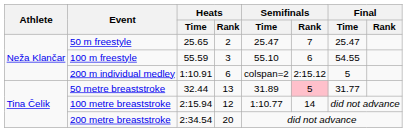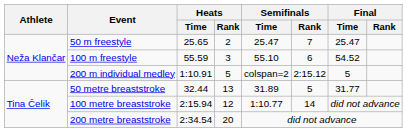 <table class=wikitable style="text-align:center;font-size:90%">
 <tr>
 <th rowspan=2>Athlete</th>
 <th rowspan=2>Event</th>
 <th colspan=2>Heats</th>
 <th colspan=2>Semifinals</th>
 <th colspan=2>Final</th>
 </tr>
 <tr style="font-size:95%">
 <th>Time</th>
 <th>Rank</th>
 <th>Time</th>
 <th>Rank</th>
 <th>Time</th>
 <th>Rank</th>
 </tr>
 <tr>
 <td rowspan=3 align=left><a href='#'>Neža Klančar</a></td>
 <td align=left><a href='#'>50 m freestyle</a></td>
 <td>25.65</td>
 <td>2</td>
 <td>25.47</td>
 <td>7</td>
 <td>25.47</td>
 <td></td>
 </tr>
 <tr>
 <td align=left><a href='#'>100 m freestyle</a></td>
 <td>55.59</td>
 <td>3</td>
 <td>55.10</td>
 <td>6</td>
-<td>54.55</td>
+<td>54.52</td>
 <td></td>
 </tr>
 <tr>
 <td align=left><a href='#'>200 m individual medley</a></td>
 <td>1:10.91</td>
-<td>6</td>
+<td>5</td>
 <td>colspan=2 </td>
 <td>2:15.12</td>
 <td>5</td>
 </tr>
 <tr>
 <td rowspan=3 align=left><a href='#'>Tina Čelik</a></td>
 <td align=left><a href='#'>50 metre breaststroke</a></td>
 <td>32.44</td>
 <td>13</td>
 <td>31.89</td>
-<td style="background: pink;">5</td>
+<td>5</td>
 <td>31.77</td>
 <td></td>
 </tr>
 <tr>
 <td align=left><a href='#'>100 metre breaststroke</a></td>
 <td>2:15.94</td>
 <td>12</td>
 <td>1:10.77</td>
 <td>14</td>
 <td Colspan=2><em>did not advance</em></td>
 </tr>
 <tr>
 <td align=left><a href='#'>200 metre breaststroke</a></td>
 <td>2:34.54</td>
 <td>20</td>
 <td Colspan=4><em>did not advance</em></td>
 </tr>
 </table>
